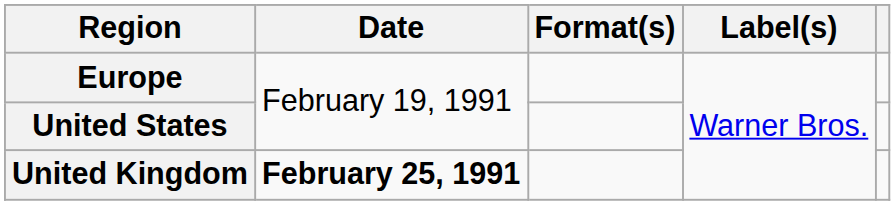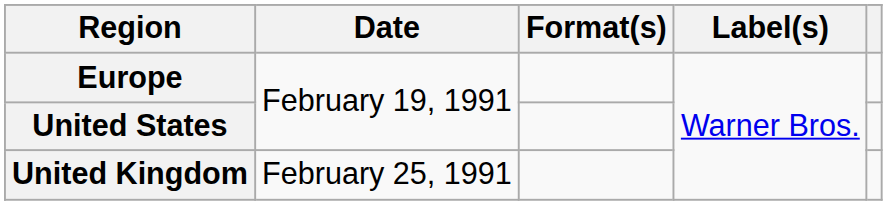 <table class="wikitable plainrowheaders">
 <tr>
 <th scope="col">Region</th>
 <th scope="col">Date</th>
 <th scope="col">Format(s)</th>
 <th scope="col">Label(s)</th>
 <th scope="col"></th>
 </tr>
 <tr>
 <th scope="row">Europe</th>
 <td rowspan="2">February 19, 1991</td>
 <td></td>
 <td rowspan="3"><a href='#'>Warner Bros.</a></td>
 <td></td>
 </tr>
 <tr>
 <th scope="row">United States</th>
 <td></td>
 <td></td>
 </tr>
 <tr>
 <th scope="row">United Kingdom</th>
-<td><strong>February 25, 1991</strong></td>
+<td>February 25, 1991</td>
 <td></td>
 <td></td>
 </tr>
 </table>
